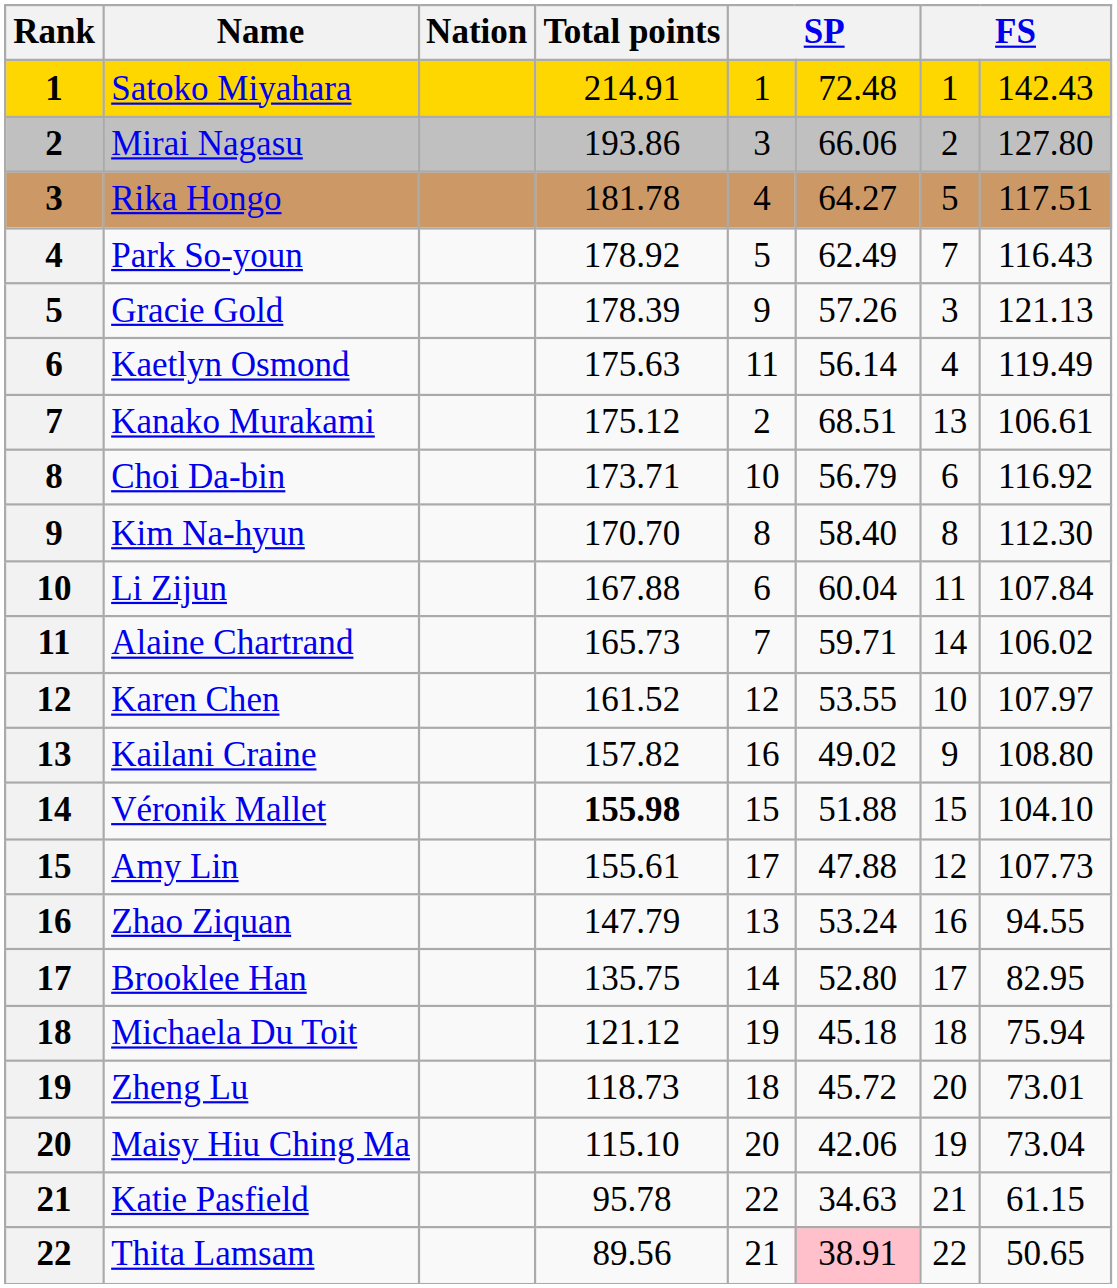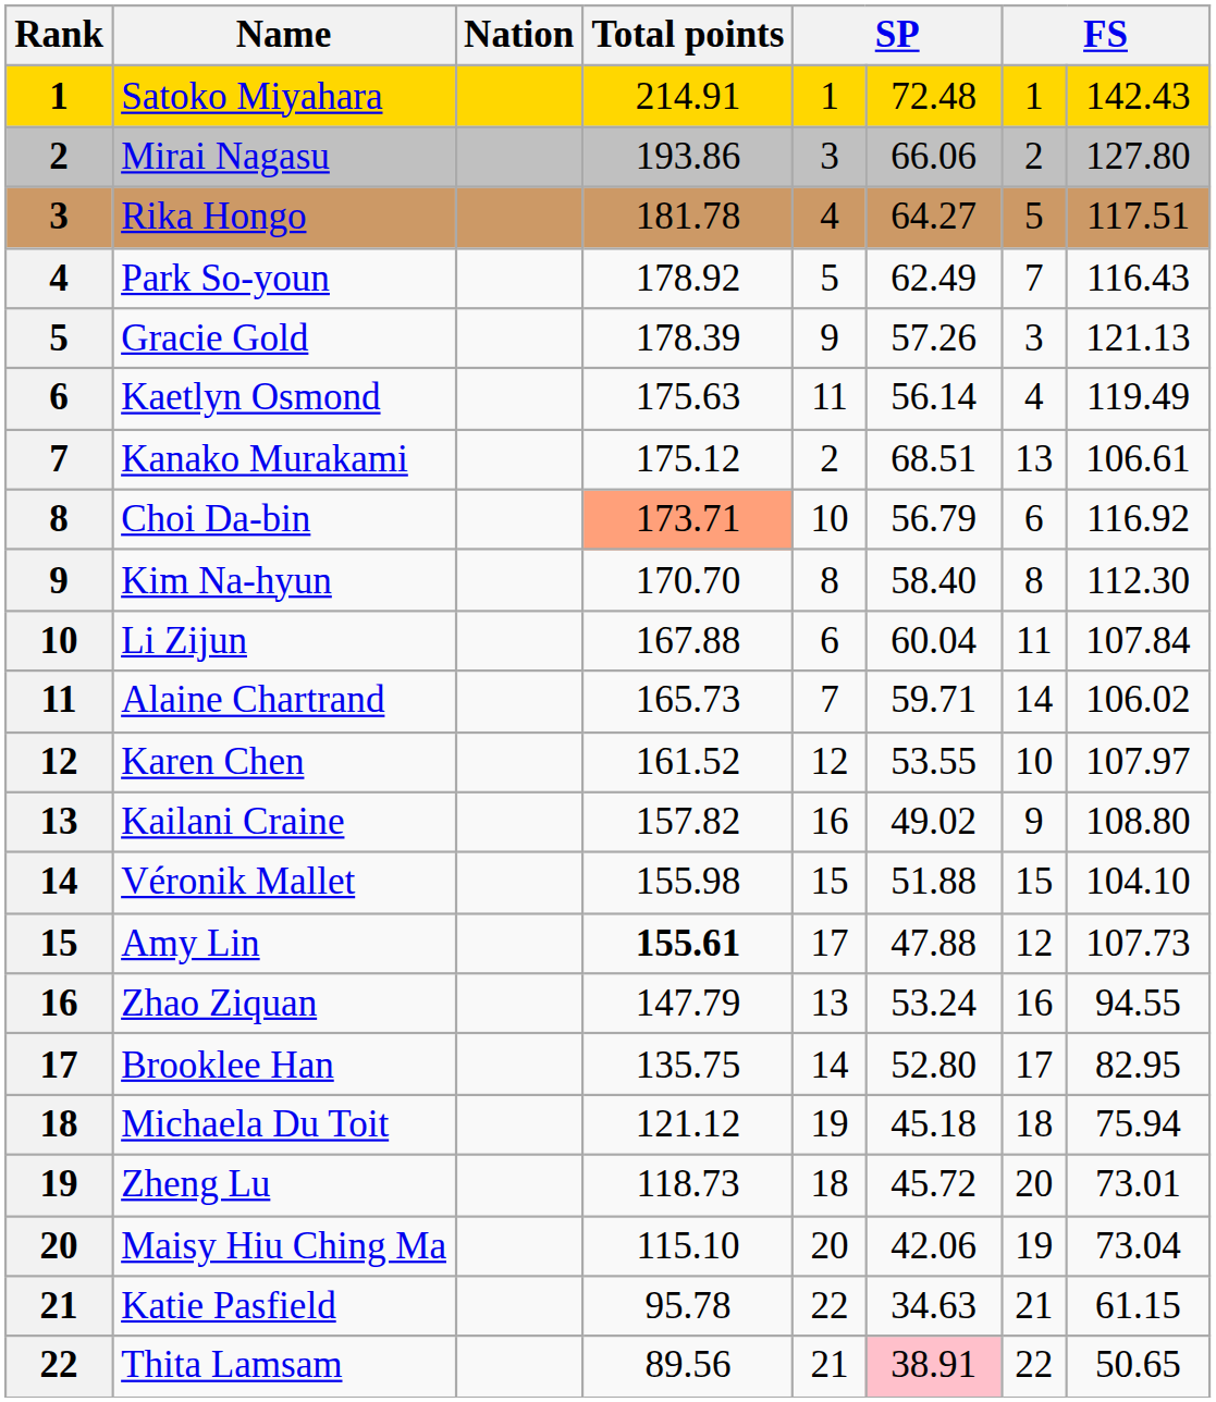 <table class="wikitable sortable">
 <tr>
 <th>Rank</th>
 <th>Name</th>
 <th>Nation</th>
 <th>Total points</th>
 <th colspan="2" width="80px"><a href='#'>SP</a></th>
 <th colspan="2" width="80px"><a href='#'>FS</a></th>
 </tr>
 <tr bgcolor="gold">
 <td align="center"><strong>1</strong></td>
 <td><a href='#'>Satoko Miyahara</a></td>
 <td></td>
 <td align="center">214.91</td>
 <td align="center">1</td>
 <td align="center">72.48</td>
 <td align="center">1</td>
 <td align="center">142.43</td>
 </tr>
 <tr bgcolor="silver">
 <td align="center"><strong>2</strong></td>
 <td><a href='#'>Mirai Nagasu</a></td>
 <td></td>
 <td align="center">193.86</td>
 <td align="center">3</td>
 <td align="center">66.06</td>
 <td align="center">2</td>
 <td align="center">127.80</td>
 </tr>
 <tr bgcolor="#cc9966">
 <td align="center"><strong>3</strong></td>
 <td><a href='#'>Rika Hongo</a></td>
 <td></td>
 <td align="center">181.78</td>
 <td align="center">4</td>
 <td align="center">64.27</td>
 <td align="center">5</td>
 <td align="center">117.51</td>
 </tr>
 <tr>
 <th>4</th>
 <td><a href='#'>Park So-youn</a></td>
 <td></td>
 <td align="center">178.92</td>
 <td align="center">5</td>
 <td align="center">62.49</td>
 <td align="center">7</td>
 <td align="center">116.43</td>
 </tr>
 <tr>
 <th>5</th>
 <td><a href='#'>Gracie Gold</a></td>
 <td></td>
 <td align="center">178.39</td>
 <td align="center">9</td>
 <td align="center">57.26</td>
 <td align="center">3</td>
 <td align="center">121.13</td>
 </tr>
 <tr>
 <th>6</th>
 <td><a href='#'>Kaetlyn Osmond</a></td>
 <td></td>
 <td align="center">175.63</td>
 <td align="center">11</td>
 <td align="center">56.14</td>
 <td align="center">4</td>
 <td align="center">119.49</td>
 </tr>
 <tr>
 <th>7</th>
 <td><a href='#'>Kanako Murakami</a></td>
 <td></td>
 <td align="center">175.12</td>
 <td align="center">2</td>
 <td align="center">68.51</td>
 <td align="center">13</td>
 <td align="center">106.61</td>
 </tr>
 <tr>
 <th>8</th>
 <td><a href='#'>Choi Da-bin</a></td>
 <td></td>
-<td align="center">173.71</td>
+<td align="center" style="background: lightsalmon;">173.71</td>
 <td align="center">10</td>
 <td align="center">56.79</td>
 <td align="center">6</td>
 <td align="center">116.92</td>
 </tr>
 <tr>
 <th>9</th>
 <td><a href='#'>Kim Na-hyun</a></td>
 <td></td>
 <td align="center">170.70</td>
 <td align="center">8</td>
 <td align="center">58.40</td>
 <td align="center">8</td>
 <td align="center">112.30</td>
 </tr>
 <tr>
 <th>10</th>
 <td><a href='#'>Li Zijun</a></td>
 <td></td>
 <td align="center">167.88</td>
 <td align="center">6</td>
 <td align="center">60.04</td>
 <td align="center">11</td>
 <td align="center">107.84</td>
 </tr>
 <tr>
 <th>11</th>
 <td><a href='#'>Alaine Chartrand</a></td>
 <td></td>
 <td align="center">165.73</td>
 <td align="center">7</td>
 <td align="center">59.71</td>
 <td align="center">14</td>
 <td align="center">106.02</td>
 </tr>
 <tr>
 <th>12</th>
 <td><a href='#'>Karen Chen</a></td>
 <td></td>
 <td align="center">161.52</td>
 <td align="center">12</td>
 <td align="center">53.55</td>
 <td align="center">10</td>
 <td align="center">107.97</td>
 </tr>
 <tr>
 <th>13</th>
 <td><a href='#'>Kailani Craine</a></td>
 <td></td>
 <td align="center">157.82</td>
 <td align="center">16</td>
 <td align="center">49.02</td>
 <td align="center">9</td>
 <td align="center">108.80</td>
 </tr>
 <tr>
 <th>14</th>
 <td><a href='#'>Véronik Mallet</a></td>
 <td></td>
-<td align="center"><strong>155.98</strong></td>
+<td align="center">155.98</td>
 <td align="center">15</td>
 <td align="center">51.88</td>
 <td align="center">15</td>
 <td align="center">104.10</td>
 </tr>
 <tr>
 <th>15</th>
 <td><a href='#'>Amy Lin</a></td>
 <td></td>
-<td align="center">155.61</td>
+<td align="center"><strong>155.61</strong></td>
 <td align="center">17</td>
 <td align="center">47.88</td>
 <td align="center">12</td>
 <td align="center">107.73</td>
 </tr>
 <tr>
 <th>16</th>
 <td><a href='#'>Zhao Ziquan</a></td>
 <td></td>
 <td align="center">147.79</td>
 <td align="center">13</td>
 <td align="center">53.24</td>
 <td align="center">16</td>
 <td align="center">94.55</td>
 </tr>
 <tr>
 <th>17</th>
 <td><a href='#'>Brooklee Han</a></td>
 <td></td>
 <td align="center">135.75</td>
 <td align="center">14</td>
 <td align="center">52.80</td>
 <td align="center">17</td>
 <td align="center">82.95</td>
 </tr>
 <tr>
 <th>18</th>
 <td><a href='#'>Michaela Du Toit</a></td>
 <td></td>
 <td align="center">121.12</td>
 <td align="center">19</td>
 <td align="center">45.18</td>
 <td align="center">18</td>
 <td align="center">75.94</td>
 </tr>
 <tr>
 <th>19</th>
 <td><a href='#'>Zheng Lu</a></td>
 <td></td>
 <td align="center">118.73</td>
 <td align="center">18</td>
 <td align="center">45.72</td>
 <td align="center">20</td>
 <td align="center">73.01</td>
 </tr>
 <tr>
 <th>20</th>
 <td><a href='#'>Maisy Hiu Ching Ma</a></td>
 <td></td>
 <td align="center">115.10</td>
 <td align="center">20</td>
 <td align="center">42.06</td>
 <td align="center">19</td>
 <td align="center">73.04</td>
 </tr>
 <tr>
 <th>21</th>
 <td><a href='#'>Katie Pasfield</a></td>
 <td></td>
 <td align="center">95.78</td>
 <td align="center">22</td>
 <td align="center">34.63</td>
 <td align="center">21</td>
 <td align="center">61.15</td>
 </tr>
 <tr>
 <th>22</th>
 <td><a href='#'>Thita Lamsam</a></td>
 <td></td>
 <td align="center">89.56</td>
 <td align="center">21</td>
 <td align="center" style="background: pink;">38.91</td>
 <td align="center">22</td>
 <td align="center">50.65</td>
 </tr>
 </table>
